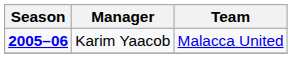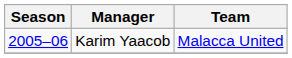 <table class="wikitable" style="font-size: 85%;">
 <tr>
 <th>Season</th>
 <th>Manager</th>
 <th>Team</th>
 </tr>
 <tr>
-<td><strong><a href='#'>2005–06</a></strong></td>
+<td><a href='#'>2005–06</a></td>
 <td> Karim Yaacob</td>
 <td> <a href='#'>Malacca United</a></td>
 </tr>
 <tr>
 </tr>
 </table>
